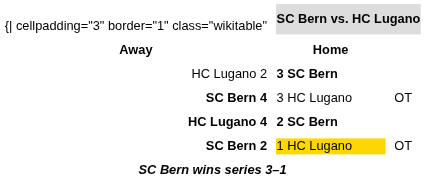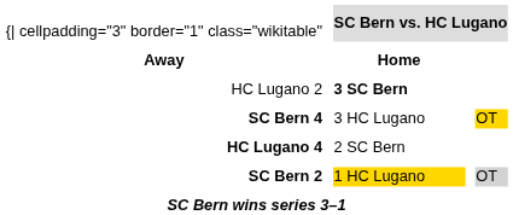 <table cellspacing="10">
 <tr>
 <td valign="top"><br>	{| cellpadding="3" border="1"  class="wikitable"</td>
 <th bgcolor="#DDDDDD" colspan="4">SC Bern vs. HC Lugano</th>
 </tr>
 <tr>
 <th>Away</th>
 <th>Home</th>
 </tr>
 <tr>
 <td align = "right">HC Lugano 2</td>
 <td><strong>3 SC Bern</strong></td>
 <td> </td>
 </tr>
 <tr>
 <td align = "right"><strong>SC Bern 4</strong></td>
 <td>3 HC Lugano</td>
-<td>OT</td>
+<td style="background: gold;">OT</td>
 </tr>
 <tr>
 <td align = "right"><strong>HC Lugano 4</strong></td>
-<td><strong>2 SC Bern</strong></td>
+<td>2 SC Bern</td>
 <td> </td>
 </tr>
 <tr>
 <td align = "right"><strong>SC Bern 2</strong></td>
 <td style="background: gold;">1 HC Lugano</td>
-<td>OT</td>
+<td style="background: lightgrey;">OT</td>
 </tr>
 <tr align="center">
 <td colspan="4"><strong><em>SC Bern wins series 3–1</em></strong></td>
 </tr>
 </table>
